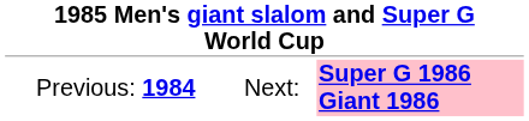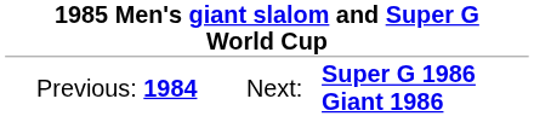 <table style="margin: 0 0 1em 1em; float:right; text-align:center; width: 22em;" class="toccolours">
 <tr>
 <td colspan="3" style="padding:0 1em;border-bottom:1px #aaa solid;"><strong>1985 Men's <a href='#'>giant slalom</a> and <a href='#'>Super G</a> World Cup</strong></td>
 </tr>
 <tr>
 <td rowspan=2>Previous: <strong><a href='#'>1984</a></strong></td>
 <td rowspan=2>Next:</td>
-<td align="left" style="background: pink;"><strong><a href='#'>Super G 1986</a></strong><br><strong><a href='#'>Giant 1986</a></strong></td>
+<td align="left"><strong><a href='#'>Super G 1986</a></strong><br><strong><a href='#'>Giant 1986</a></strong></td>
 </tr>
 </table>
